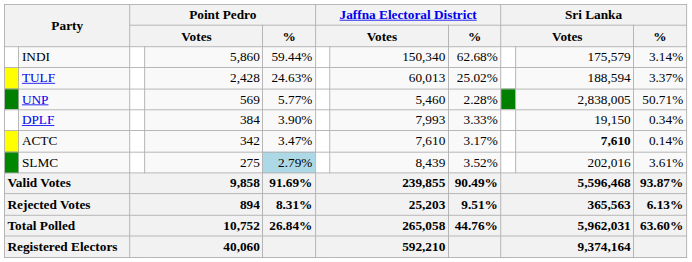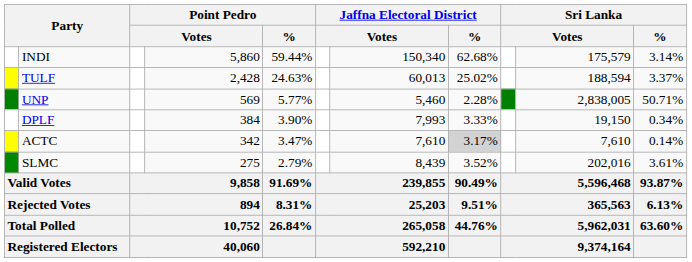 <table class="wikitable">
 <tr>
 <th colspan="2" width="144px"rowspan="2">Party</th>
 <th colspan="3" width="216px">Point Pedro</th>
 <th colspan="3" width="216px"><a href='#'>Jaffna Electoral District</a></th>
 <th colspan="3" width="216px">Sri Lanka</th>
 </tr>
 <tr>
 <th colspan="2" width="144px">Votes</th>
 <th>%</th>
 <th colspan="2" width="144px">Votes</th>
 <th>%</th>
 <th colspan="2" width="144px">Votes</th>
 <th>%</th>
 </tr>
 <tr>
 <td style="background-color:white;" width="10px"></td>
 <td style="text-align:left;">INDI</td>
 <td style="background-color:white;" width="10px"></td>
 <td style="text-align:right;">5,860</td>
 <td style="text-align:right;">59.44%</td>
 <td style="background-color:white;" width="10px"></td>
 <td style="text-align:right;">150,340</td>
 <td style="text-align:right;">62.68%</td>
 <td style="background-color:white;" width="10px"></td>
 <td style="text-align:right;">175,579</td>
 <td style="text-align:right;">3.14%</td>
 </tr>
 <tr>
 <td style="background-color:yellow;" width="10px"></td>
 <td style="text-align:left;"><a href='#'>TULF</a></td>
 <td style="background-color:white;" width="10px"></td>
 <td style="text-align:right;">2,428</td>
 <td style="text-align:right;">24.63%</td>
 <td style="background-color:white;" width="10px"></td>
 <td style="text-align:right;">60,013</td>
 <td style="text-align:right;">25.02%</td>
 <td style="background-color:white;" width="10px"></td>
 <td style="text-align:right;">188,594</td>
 <td style="text-align:right;">3.37%</td>
 </tr>
 <tr>
 <td style="background-color:green;" width="10px"></td>
 <td style="text-align:left;"><a href='#'>UNP</a></td>
 <td style="background-color:white;" width="10px"></td>
 <td style="text-align:right;">569</td>
 <td style="text-align:right;">5.77%</td>
 <td style="background-color:white;" width="10px"></td>
 <td style="text-align:right;">5,460</td>
 <td style="text-align:right;">2.28%</td>
 <td style="background-color:green;" width="10px"></td>
 <td style="text-align:right;">2,838,005</td>
 <td style="text-align:right;">50.71%</td>
 </tr>
 <tr>
 <td style="background-color:white;" width="10px"></td>
 <td style="text-align:left;"><a href='#'>DPLF</a></td>
 <td style="background-color:white;" width="10px"></td>
 <td style="text-align:right;">384</td>
 <td style="text-align:right;">3.90%</td>
 <td style="background-color:white;" width="10px"></td>
 <td style="text-align:right;">7,993</td>
 <td style="text-align:right;">3.33%</td>
 <td style="background-color:white;" width="10px"></td>
 <td style="text-align:right;">19,150</td>
 <td style="text-align:right;">0.34%</td>
 </tr>
 <tr>
 <td style="background-color:yellow;" width="10px"></td>
 <td style="text-align:left;">ACTC</td>
 <td style="background-color:white;" width="10px"></td>
 <td style="text-align:right;">342</td>
 <td style="text-align:right;">3.47%</td>
 <td style="background-color:white;" width="10px"></td>
 <td style="text-align:right;">7,610</td>
-<td style="text-align:right;">3.17%</td>
+<td style="background: lightgrey; text-align:right;">3.17%</td>
 <td style="background-color:white;" width="10px"></td>
-<td style="text-align:right;"><strong>7,610</strong></td>
+<td style="text-align:right;">7,610</td>
 <td style="text-align:right;">0.14%</td>
 </tr>
 <tr>
 <td style="background-color:#008800;" width="10px"></td>
 <td style="text-align:left;">SLMC</td>
 <td style="background-color:white;" width="10px"></td>
 <td style="text-align:right;">275</td>
-<td style="background: lightblue; text-align:right;">2.79%</td>
+<td style="text-align:right;">2.79%</td>
 <td style="background-color:white;" width="10px"></td>
 <td style="text-align:right;">8,439</td>
 <td style="text-align:right;">3.52%</td>
 <td style="background-color:white;" width="10px"></td>
 <td style="text-align:right;">202,016</td>
 <td style="text-align:right;">3.61%</td>
 </tr>
 <tr>
 <th colspan="2" width="144px"style="text-align:left;">Valid Votes</th>
 <th style="text-align:right;"colspan="2" width="144px">9,858</th>
 <th style="text-align:right;">91.69%</th>
 <th style="text-align:right;"colspan="2" width="144px">239,855</th>
 <th style="text-align:right;">90.49%</th>
 <th style="text-align:right;"colspan="2" width="144px">5,596,468</th>
 <th style="text-align:right;">93.87%</th>
 </tr>
 <tr>
 <th colspan="2" width="144px"style="text-align:left;">Rejected Votes</th>
 <th style="text-align:right;"colspan="2" width="144px">894</th>
 <th style="text-align:right;">8.31%</th>
 <th style="text-align:right;"colspan="2" width="144px">25,203</th>
 <th style="text-align:right;">9.51%</th>
 <th style="text-align:right;"colspan="2" width="144px">365,563</th>
 <th style="text-align:right;">6.13%</th>
 </tr>
 <tr>
 <th colspan="2" width="144px"style="text-align:left;">Total Polled</th>
 <th style="text-align:right;"colspan="2" width="144px">10,752</th>
 <th style="text-align:right;">26.84%</th>
 <th style="text-align:right;"colspan="2" width="144px">265,058</th>
 <th style="text-align:right;">44.76%</th>
 <th style="text-align:right;"colspan="2" width="144px">5,962,031</th>
 <th style="text-align:right;">63.60%</th>
 </tr>
 <tr>
 <th colspan="2" width="144px"style="text-align:left;">Registered Electors</th>
 <th style="text-align:right;"colspan="2" width="144px">40,060</th>
 <th></th>
 <th style="text-align:right;"colspan="2" width="144px">592,210</th>
 <th></th>
 <th style="text-align:right;"colspan="2" width="144px">9,374,164</th>
 <th></th>
 </tr>
 </table>
